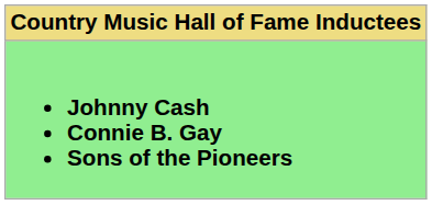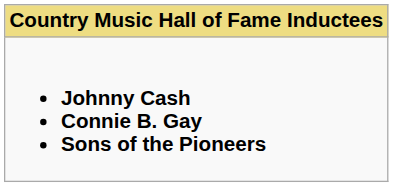 <table class="wikitable">
 <tr>
 <th style="background:#EEDD82; width=50%">Country Music Hall of Fame Inductees</th>
 </tr>
 <tr>
-<td valign="top" style="background: lightgreen;"><br><ul><li><strong>Johnny Cash</strong></li><li><strong>Connie B. Gay</strong></li><li><strong>Sons of the Pioneers</strong></li></ul></td>
+<td valign="top"><br><ul><li><strong>Johnny Cash</strong></li><li><strong>Connie B. Gay</strong></li><li><strong>Sons of the Pioneers</strong></li></ul></td>
 </tr>
 </table>
